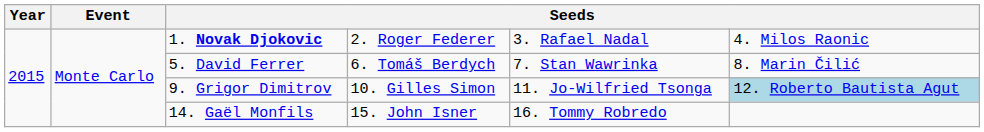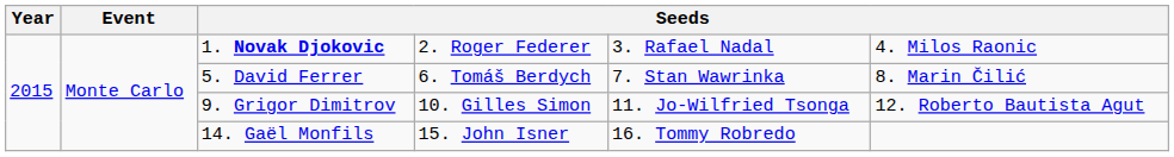 <table class="wikitable nowrap" style="font-size: 95%; width: 800px">
 <tr>
 <th scope="col">Year</th>
 <th scope="col">Event</th>
 <th scope="col" colspan=4>Seeds</th>
 </tr>
 <tr>
 <td rowspan="4"><a href='#'>2015</a></td>
 <td rowspan="4"><a href='#'>Monte Carlo</a></td>
 <td>1.  <strong><a href='#'>Novak Djokovic</a></strong></td>
 <td>2.  <a href='#'>Roger Federer</a></td>
 <td>3.  <a href='#'>Rafael Nadal</a></td>
 <td>4.  <a href='#'>Milos Raonic</a></td>
 </tr>
 <tr>
 <td>5.  <a href='#'>David Ferrer</a></td>
 <td>6.  <a href='#'>Tomáš Berdych</a></td>
 <td>7.  <a href='#'>Stan Wawrinka</a></td>
 <td>8.  <a href='#'>Marin Čilić</a></td>
 </tr>
 <tr>
 <td>9.  <a href='#'>Grigor Dimitrov</a></td>
 <td>10.  <a href='#'>Gilles Simon</a></td>
 <td>11.  <a href='#'>Jo-Wilfried Tsonga</a></td>
-<td style="background: lightblue;">12.  <a href='#'>Roberto Bautista Agut</a></td>
+<td>12.  <a href='#'>Roberto Bautista Agut</a></td>
 </tr>
 <tr>
 <td>14.  <a href='#'>Gaël Monfils</a></td>
 <td>15.  <a href='#'>John Isner</a></td>
 <td>16.  <a href='#'>Tommy Robredo</a></td>
 <td></td>
 </tr>
 </table>
